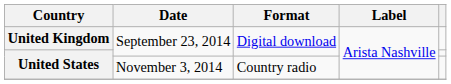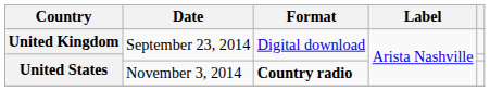 <table class="wikitable sortable plainrowheaders">
 <tr>
 <th scope="col">Country</th>
 <th scope="col">Date</th>
 <th scope="col">Format</th>
 <th scope="col">Label</th>
 <th scope="col"></th>
 </tr>
 <tr>
 <th scope="row">United Kingdom</th>
 <td rowspan="2">September 23, 2014</td>
 <td rowspan="2"><a href='#'>Digital download</a></td>
 <td rowspan="3"><a href='#'>Arista Nashville</a></td>
 <td></td>
 </tr>
 <tr>
 <th scope="row" rowspan="2">United States</th>
 <td></td>
 </tr>
 <tr>
 <td>November 3, 2014</td>
-<td>Country radio</td>
+<td><strong>Country radio</strong></td>
 <td></td>
 </tr>
 <tr>
 </tr>
 </table>
